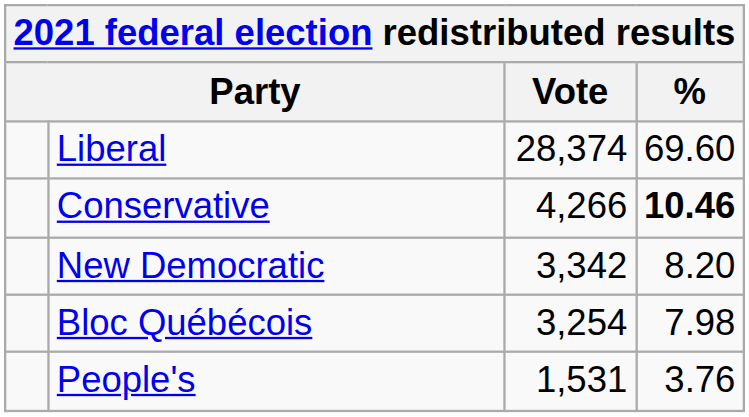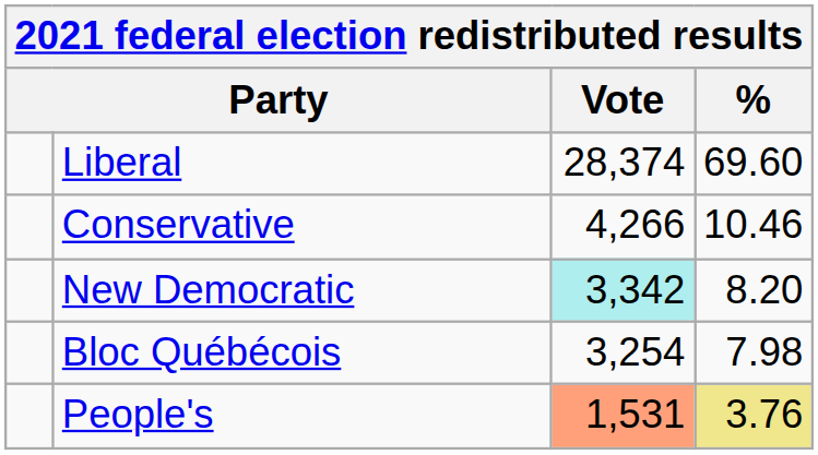 <table class="wikitable">
 <tr>
 <th colspan="4"><a href='#'>2021 federal election</a> redistributed results</th>
 </tr>
 <tr>
 <th bgcolor="#DDDDFF" width="130px" colspan="2">Party</th>
 <th bgcolor="#DDDDFF" width="50px">Vote</th>
 <th bgcolor="#DDDDFF" width="30px">%</th>
 </tr>
 <tr>
 <td> </td>
 <td><a href='#'>Liberal</a></td>
 <td align=right>28,374</td>
 <td align=right>69.60</td>
 </tr>
 <tr>
 <td> </td>
 <td><a href='#'>Conservative</a></td>
 <td align=right>4,266</td>
-<td align=right><strong>10.46</strong></td>
+<td align=right>10.46</td>
 </tr>
 <tr>
 <td> </td>
 <td><a href='#'>New Democratic</a></td>
-<td align=right>3,342</td>
+<td align=right style="background: paleturquoise;">3,342</td>
 <td align=right>8.20</td>
 </tr>
 <tr>
 <td> </td>
 <td><a href='#'>Bloc Québécois</a></td>
 <td align=right>3,254</td>
 <td align=right>7.98</td>
 </tr>
 <tr>
 <td> </td>
 <td><a href='#'>People's</a></td>
-<td align=right>1,531</td>
-<td align=right>3.76</td>
+<td align=right style="background: lightsalmon;">1,531</td>
+<td align=right style="background: khaki;">3.76</td>
 </tr>
 </table>
